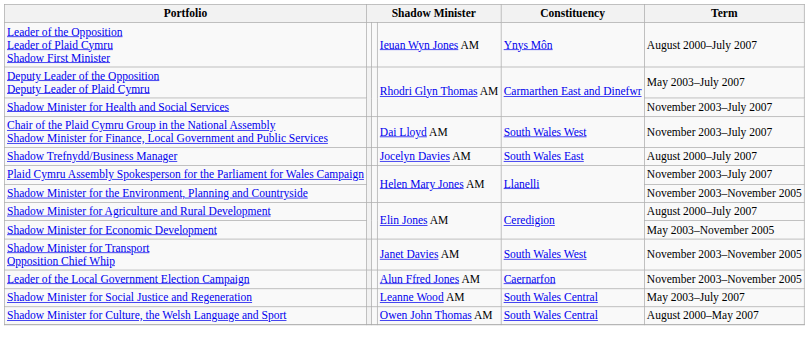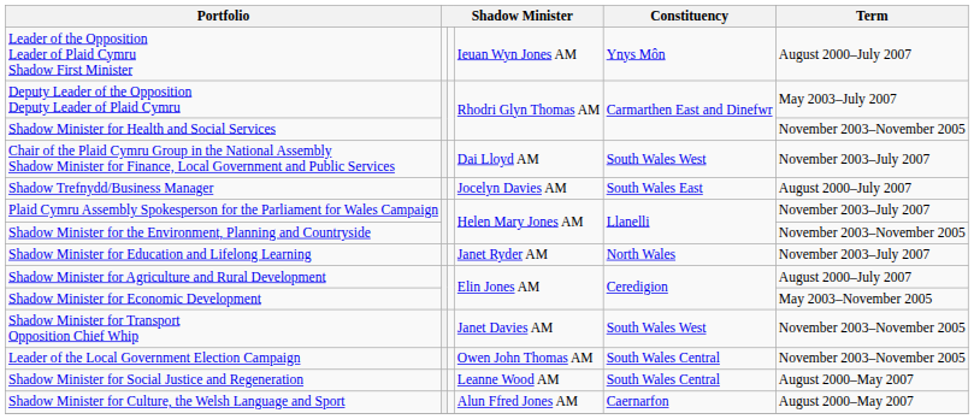 <table class="wikitable">
 <tr>
 <th colspan="1">Portfolio</th>
 <th colspan="3">Shadow Minister</th>
 <th colspan="1">Constituency</th>
 <th colspan="1">Term</th>
 </tr>
 <tr>
 <td><a href='#'>Leader of the Opposition</a><br><a href='#'>Leader of Plaid Cymru</a><br><a href='#'>Shadow First Minister</a></td>
 <td style="background: "></td>
 <td></td>
 <td><a href='#'>Ieuan Wyn Jones</a> AM</td>
 <td><a href='#'>Ynys Môn</a></td>
 <td>August 2000–July 2007</td>
 </tr>
 <tr>
 <td><a href='#'>Deputy Leader of the Opposition</a><br><a href='#'>Deputy Leader of Plaid Cymru</a></td>
 <th rowspan="2" style="background-color: "></th>
 <td rowspan="2"></td>
 <td rowspan="2"><a href='#'>Rhodri Glyn Thomas</a> AM</td>
 <td rowspan="2"><a href='#'>Carmarthen East and Dinefwr</a></td>
 <td>May 2003–July 2007</td>
 </tr>
 <tr>
 <td><a href='#'>Shadow Minister for Health and Social Services</a></td>
-<td>November 2003–July 2007</td>
+<td>November 2003–November 2005</td>
 </tr>
 <tr>
 <td><a href='#'>Chair of the Plaid Cymru Group in the National Assembly</a><br><a href='#'>Shadow Minister for Finance, Local Government and Public Services</a></td>
 <th style="background: "></th>
 <td></td>
 <td><a href='#'>Dai Lloyd</a> AM</td>
 <td><a href='#'>South Wales West</a></td>
 <td>November 2003–July 2007</td>
 </tr>
 <tr>
 <td><a href='#'>Shadow Trefnydd/Business Manager</a></td>
 <th style="background: "></th>
 <td></td>
 <td><a href='#'>Jocelyn Davies</a> AM</td>
 <td><a href='#'>South Wales East</a></td>
 <td>August 2000–July 2007</td>
 </tr>
 <tr>
 <td><a href='#'>Plaid Cymru Assembly Spokesperson for the Parliament for Wales Campaign</a></td>
 <th rowspan="2" style="background-color: "></th>
 <td rowspan="2"></td>
 <td rowspan="2"><a href='#'>Helen Mary Jones</a> AM</td>
 <td rowspan="2"><a href='#'>Llanelli</a></td>
 <td>November 2003–July 2007</td>
 </tr>
 <tr>
 <td><a href='#'>Shadow Minister for the Environment, Planning and Countryside</a></td>
 <td>November 2003–November 2005</td>
 </tr>
 <tr>
+<td><a href='#'>Shadow Minister for Education and Lifelong Learning</a></td>
+<th style="background-color: "></th>
+<td></td>
+<td><a href='#'>Janet Ryder</a> AM</td>
+<td><a href='#'>North Wales</a></td>
+<td>November 2003–July 2007</td>
+</tr>
+<tr>
 <td><a href='#'>Shadow Minister for Agriculture and Rural Development</a></td>
 <th rowspan="2" style="background-color: "></th>
 <td rowspan="2"></td>
 <td rowspan="2"><a href='#'>Elin Jones</a> AM</td>
 <td rowspan="2"><a href='#'>Ceredigion</a></td>
 <td>August 2000–July 2007</td>
 </tr>
 <tr>
 <td><a href='#'>Shadow Minister for Economic Development</a></td>
 <td>May 2003–November 2005</td>
 </tr>
 <tr>
 <td><a href='#'>Shadow Minister for Transport</a><br><a href='#'>Opposition Chief Whip</a></td>
 <th style="background-color: "></th>
 <td></td>
 <td><a href='#'>Janet Davies</a> AM</td>
 <td><a href='#'>South Wales West</a></td>
 <td>November 2003–November 2005</td>
 </tr>
 <tr>
 <td><a href='#'>Leader of the Local Government Election Campaign</a></td>
 <th style="background-color: "></th>
 <td></td>
-<td><a href='#'>Alun Ffred Jones</a> AM</td>
-<td><a href='#'>Caernarfon</a></td>
+<td><a href='#'>Owen John Thomas</a> AM</td>
+<td><a href='#'>South Wales Central</a></td>
 <td>November 2003–November 2005</td>
 </tr>
 <tr>
 <td><a href='#'>Shadow Minister for Social Justice and Regeneration</a></td>
 <th style="background-color: "></th>
 <td></td>
 <td><a href='#'>Leanne Wood</a> AM</td>
 <td><a href='#'>South Wales Central</a></td>
-<td>May 2003–July 2007</td>
+<td>August 2000–May 2007</td>
 </tr>
 <tr>
 <td><a href='#'>Shadow Minister for Culture, the Welsh Language and Sport</a></td>
 <th style="background-color: "></th>
 <td></td>
-<td><a href='#'>Owen John Thomas</a> AM</td>
-<td><a href='#'>South Wales Central</a></td>
+<td><a href='#'>Alun Ffred Jones</a> AM</td>
+<td><a href='#'>Caernarfon</a></td>
 <td>August 2000–May 2007</td>
 </tr>
 <tr>
 </tr>
 </table>
